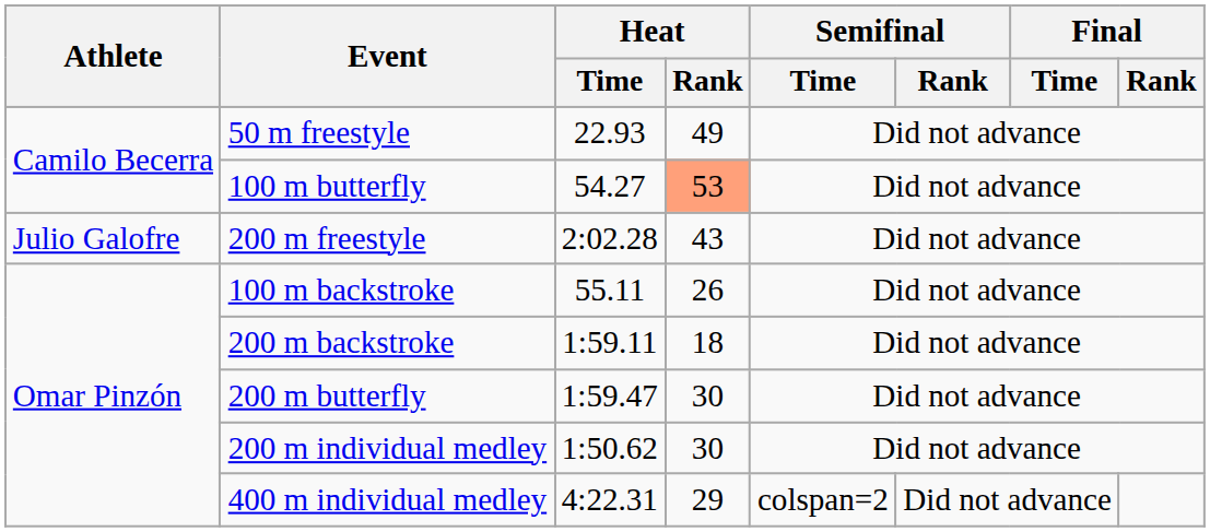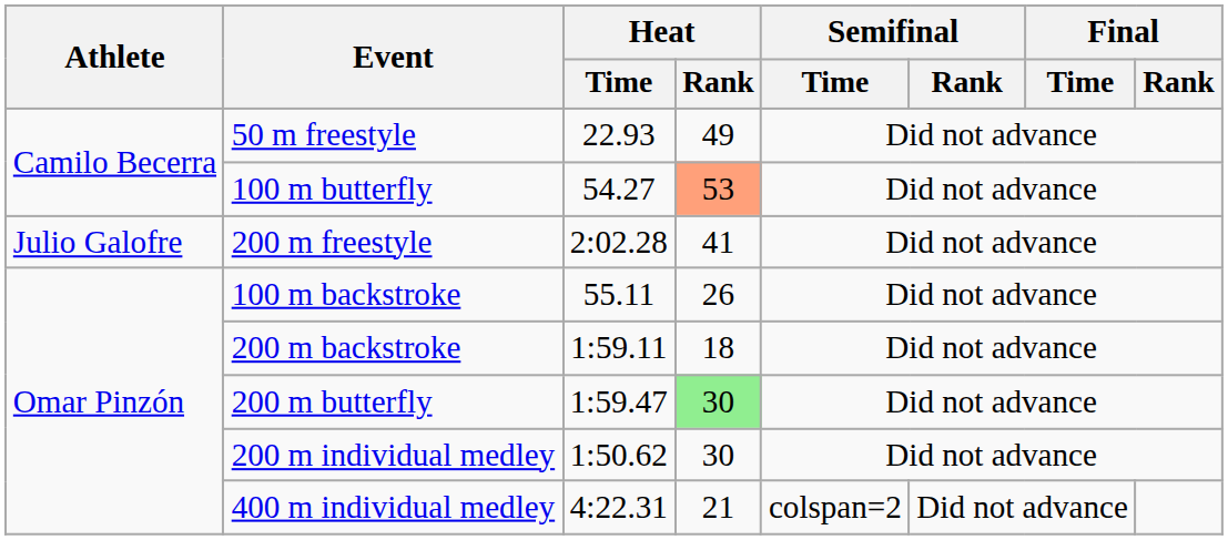 <table class=wikitable style="font-size:90%">
 <tr>
 <th rowspan="2">Athlete</th>
 <th rowspan="2">Event</th>
 <th colspan="2">Heat</th>
 <th colspan="2">Semifinal</th>
 <th colspan="2">Final</th>
 </tr>
 <tr style="font-size:95%">
 <th>Time</th>
 <th>Rank</th>
 <th>Time</th>
 <th>Rank</th>
 <th>Time</th>
 <th>Rank</th>
 </tr>
 <tr align=center>
 <td align=left rowspan=2><a href='#'>Camilo Becerra</a></td>
 <td align=left><a href='#'>50 m freestyle</a></td>
 <td>22.93</td>
 <td>49</td>
 <td colspan=4>Did not advance</td>
 </tr>
 <tr align=center>
 <td align=left><a href='#'>100 m butterfly</a></td>
 <td>54.27</td>
 <td style="background: lightsalmon;">53</td>
 <td colspan=4>Did not advance</td>
 </tr>
 <tr align=center>
 <td align=left><a href='#'>Julio Galofre</a></td>
 <td align=left><a href='#'>200 m freestyle</a></td>
 <td>2:02.28</td>
-<td>43</td>
+<td>41</td>
 <td colspan=4>Did not advance</td>
 </tr>
 <tr align=center>
 <td align=left rowspan=5><a href='#'>Omar Pinzón</a></td>
 <td align=left><a href='#'>100 m backstroke</a></td>
 <td>55.11</td>
 <td>26</td>
 <td colspan=4>Did not advance</td>
 </tr>
 <tr align=center>
 <td align=left><a href='#'>200 m backstroke</a></td>
 <td>1:59.11</td>
 <td>18</td>
 <td colspan=4>Did not advance</td>
 </tr>
 <tr align=center>
 <td align=left><a href='#'>200 m butterfly</a></td>
 <td>1:59.47</td>
-<td>30</td>
+<td style="background: lightgreen;">30</td>
 <td colspan=4>Did not advance</td>
 </tr>
 <tr align=center>
 <td align=left><a href='#'>200 m individual medley</a></td>
 <td>1:50.62</td>
 <td>30</td>
 <td colspan=4>Did not advance</td>
 </tr>
 <tr align=center>
 <td align=left><a href='#'>400 m individual medley</a></td>
 <td>4:22.31</td>
-<td>29</td>
+<td>21</td>
 <td>colspan=2 </td>
 <td colspan=2>Did not advance</td>
 </tr>
 </table>
